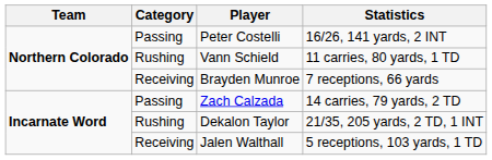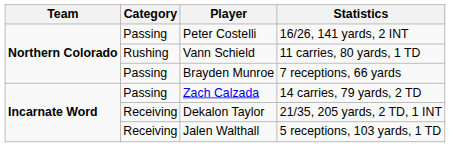 <table class="wikitable" style="float: right;">
 <tr>
 <th>Team</th>
 <th>Category</th>
 <th>Player</th>
 <th>Statistics</th>
 </tr>
 <tr>
 <td rowspan=3><strong>Northern Colorado</strong></td>
 <td>Passing</td>
 <td>Peter Costelli</td>
 <td>16/26, 141 yards, 2 INT</td>
 </tr>
 <tr>
 <td>Rushing</td>
 <td>Vann Schield</td>
 <td>11 carries, 80 yards, 1 TD</td>
 </tr>
 <tr>
-<td>Receiving</td>
+<td>Passing</td>
 <td>Brayden Munroe</td>
 <td>7 receptions, 66 yards</td>
 </tr>
 <tr>
 <td rowspan=3><strong>Incarnate Word</strong></td>
 <td>Passing</td>
 <td><a href='#'>Zach Calzada</a></td>
 <td>14 carries, 79 yards, 2 TD</td>
 </tr>
 <tr>
-<td>Rushing</td>
+<td>Receiving</td>
 <td>Dekalon Taylor</td>
 <td>21/35, 205 yards, 2 TD, 1 INT</td>
 </tr>
 <tr>
 <td>Receiving</td>
 <td>Jalen Walthall</td>
 <td>5 receptions, 103 yards, 1 TD</td>
 </tr>
 </table>
